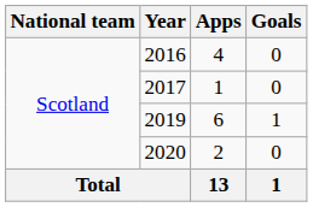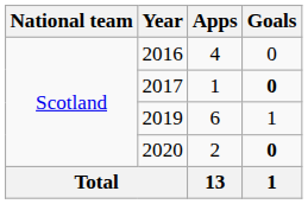 <table class="wikitable" style="text-align:center">
 <tr>
 <th>National team</th>
 <th>Year</th>
 <th>Apps</th>
 <th>Goals</th>
 </tr>
 <tr>
 <td rowspan="4"><a href='#'>Scotland</a></td>
 <td>2016</td>
 <td>4</td>
 <td>0</td>
 </tr>
 <tr>
 <td>2017</td>
 <td>1</td>
-<td>0</td>
+<td><strong>0</strong></td>
 </tr>
 <tr>
 <td>2019</td>
 <td>6</td>
 <td>1</td>
 </tr>
 <tr>
 <td>2020</td>
 <td>2</td>
-<td>0</td>
+<td><strong>0</strong></td>
 </tr>
 <tr>
 <th colspan="2">Total</th>
 <th>13</th>
 <th>1</th>
 </tr>
 </table>
